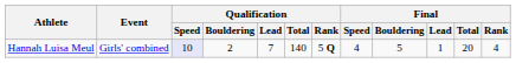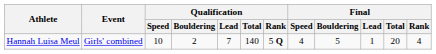 <table class="wikitable" style="font-size:90%">
 <tr>
 <th rowspan=2>Athlete</th>
 <th rowspan=2>Event</th>
 <th colspan=5>Qualification</th>
 <th colspan=5>Final</th>
 </tr>
 <tr style="font-size:95%">
 <th>Speed</th>
 <th>Bouldering</th>
 <th>Lead</th>
 <th>Total</th>
 <th>Rank</th>
 <th>Speed</th>
 <th>Bouldering</th>
 <th>Lead</th>
 <th>Total</th>
 <th>Rank</th>
 </tr>
 <tr align=center>
 <td align=left><a href='#'>Hannah Luisa Meul</a></td>
 <td rowspan=2 align=left><a href='#'>Girls' combined</a></td>
-<td style="background: lavender;">10</td>
+<td>10</td>
 <td>2</td>
 <td>7</td>
 <td>140</td>
 <td>5 <strong>Q</strong></td>
 <td>4</td>
 <td>5</td>
 <td>1</td>
 <td>20</td>
 <td>4</td>
 </tr>
 </table>
